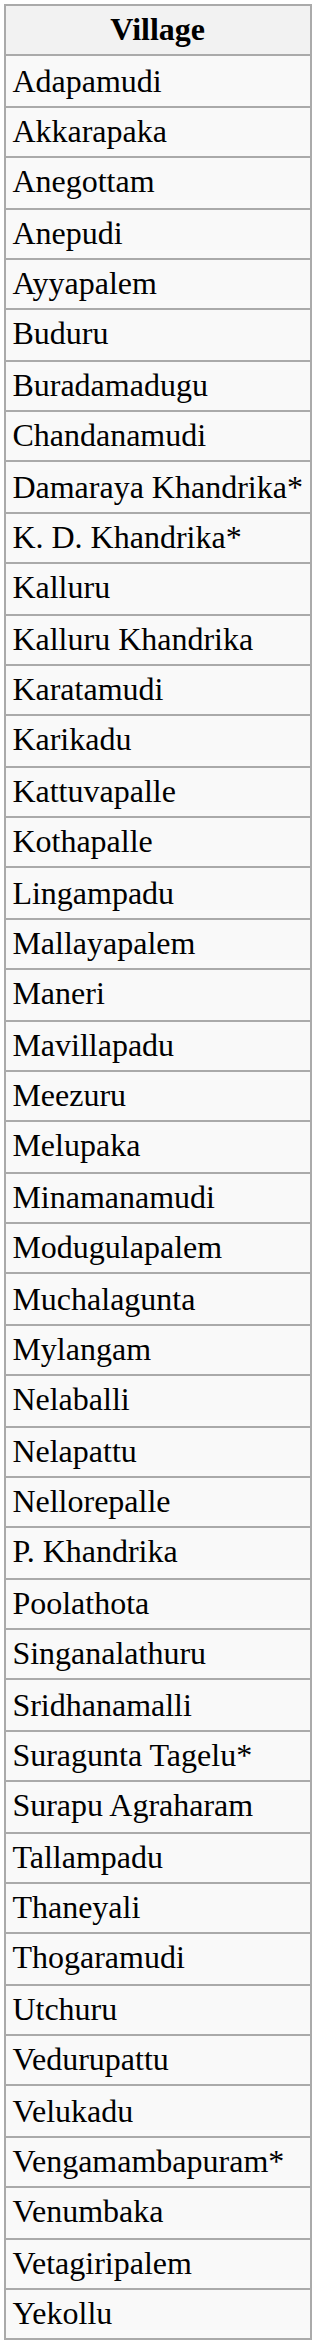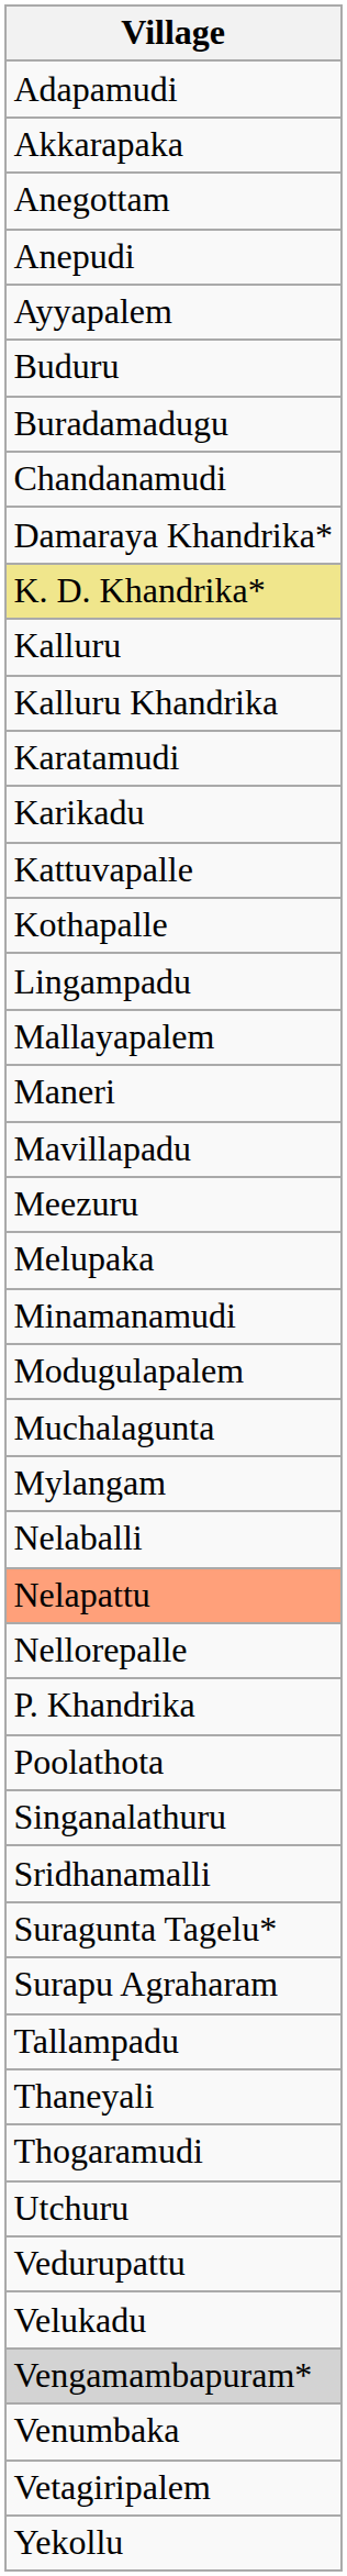 <table class="wikitable sortable static-row-numbers static-row-header-hash">
 <tr>
 <th>Village</th>
 </tr>
 <tr>
 <td>Adapamudi</td>
 </tr>
 <tr>
 <td>Akkarapaka</td>
 </tr>
 <tr>
 <td>Anegottam</td>
 </tr>
 <tr>
 <td>Anepudi</td>
 </tr>
 <tr>
 <td>Ayyapalem</td>
 </tr>
 <tr>
 <td>Buduru</td>
 </tr>
 <tr>
 <td>Buradamadugu</td>
 </tr>
 <tr>
 <td>Chandanamudi</td>
 </tr>
 <tr>
 <td>Damaraya Khandrika*</td>
 </tr>
 <tr>
-<td>K. D. Khandrika*</td>
+<td style="background: khaki;">K. D. Khandrika*</td>
 </tr>
 <tr>
 <td>Kalluru</td>
 </tr>
 <tr>
 <td>Kalluru Khandrika</td>
 </tr>
 <tr>
 <td>Karatamudi</td>
 </tr>
 <tr>
 <td>Karikadu</td>
 </tr>
 <tr>
 <td>Kattuvapalle</td>
 </tr>
 <tr>
 <td>Kothapalle</td>
 </tr>
 <tr>
 <td>Lingampadu</td>
 </tr>
 <tr>
 <td>Mallayapalem</td>
 </tr>
 <tr>
 <td>Maneri</td>
 </tr>
 <tr>
 <td>Mavillapadu</td>
 </tr>
 <tr>
 <td>Meezuru</td>
 </tr>
 <tr>
 <td>Melupaka</td>
 </tr>
 <tr>
 <td>Minamanamudi</td>
 </tr>
 <tr>
 <td>Modugulapalem</td>
 </tr>
 <tr>
 <td>Muchalagunta</td>
 </tr>
 <tr>
 <td>Mylangam</td>
 </tr>
 <tr>
 <td>Nelaballi</td>
 </tr>
 <tr>
-<td>Nelapattu</td>
+<td style="background: lightsalmon;">Nelapattu</td>
 </tr>
 <tr>
 <td>Nellorepalle</td>
 </tr>
 <tr>
 <td>P. Khandrika</td>
 </tr>
 <tr>
 <td>Poolathota</td>
 </tr>
 <tr>
 <td>Singanalathuru</td>
 </tr>
 <tr>
 <td>Sridhanamalli</td>
 </tr>
 <tr>
 <td>Suragunta Tagelu*</td>
 </tr>
 <tr>
 <td>Surapu Agraharam</td>
 </tr>
 <tr>
 <td>Tallampadu</td>
 </tr>
 <tr>
 <td>Thaneyali</td>
 </tr>
 <tr>
 <td>Thogaramudi</td>
 </tr>
 <tr>
 <td>Utchuru</td>
 </tr>
 <tr>
 <td>Vedurupattu</td>
 </tr>
 <tr>
 <td>Velukadu</td>
 </tr>
 <tr>
-<td>Vengamambapuram*</td>
+<td style="background: lightgrey;">Vengamambapuram*</td>
 </tr>
 <tr>
 <td>Venumbaka</td>
 </tr>
 <tr>
 <td>Vetagiripalem</td>
 </tr>
 <tr>
 <td>Yekollu</td>
 </tr>
 </table>
